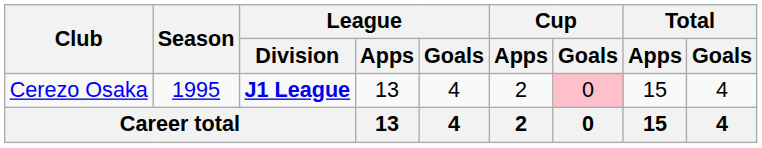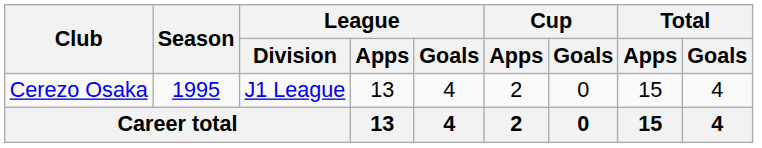 <table class="wikitable" style="text-align:center">
 <tr>
 <th rowspan="2">Club</th>
 <th rowspan="2">Season</th>
 <th colspan="3">League</th>
 <th colspan="2">Cup</th>
 <th colspan="2">Total</th>
 </tr>
 <tr>
 <th>Division</th>
 <th>Apps</th>
 <th>Goals</th>
 <th>Apps</th>
 <th>Goals</th>
 <th>Apps</th>
 <th>Goals</th>
 </tr>
 <tr>
 <td><a href='#'>Cerezo Osaka</a></td>
 <td><a href='#'>1995</a></td>
-<td><strong><a href='#'>J1 League</a></strong></td>
+<td><a href='#'>J1 League</a></td>
 <td>13</td>
 <td>4</td>
 <td>2</td>
-<td style="background: pink;">0</td>
+<td>0</td>
 <td>15</td>
 <td>4</td>
 </tr>
 <tr>
 <th colspan="3">Career total</th>
 <th>13</th>
 <th>4</th>
 <th>2</th>
 <th>0</th>
 <th>15</th>
 <th>4</th>
 </tr>
 </table>
